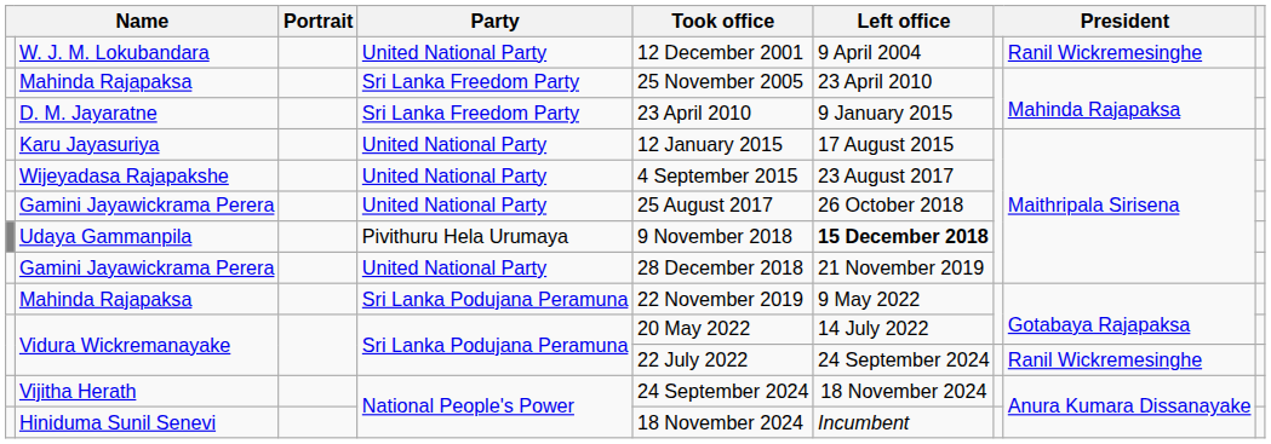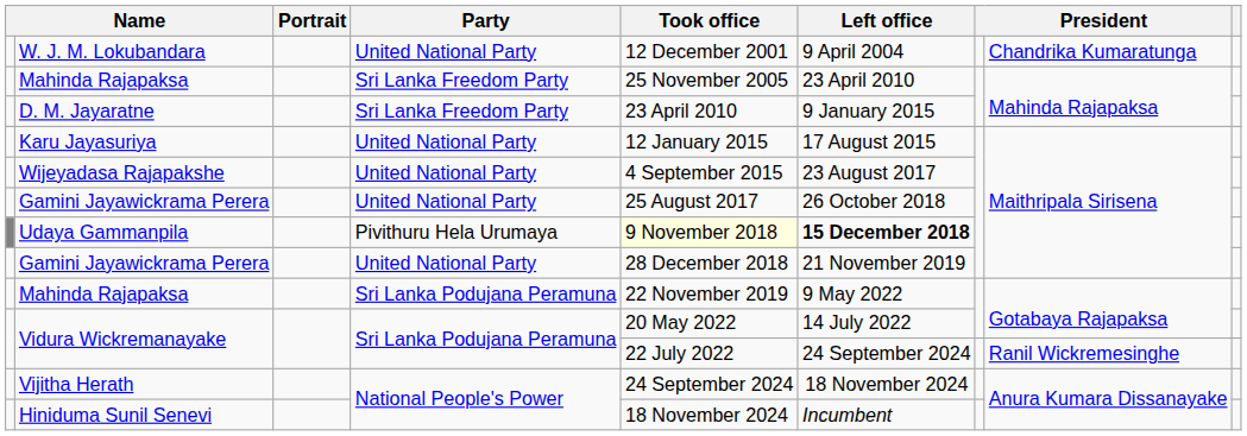 <table class="wikitable sortable" style="font-size:90%; text-align:left;">
 <tr>
 <th colspan="2">Name</th>
 <th>Portrait</th>
 <th>Party</th>
 <th>Took office</th>
 <th>Left office</th>
 <th colspan="2">President</th>
 <th></th>
 </tr>
 <tr>
 <td rowspan="1" style="background:"></td>
 <td><a href='#'>W. J. M. Lokubandara</a></td>
 <td></td>
 <td><a href='#'>United National Party</a></td>
 <td>12 December 2001</td>
 <td>9 April 2004</td>
 <td rowspan="1" style="background:"></td>
-<td><a href='#'>Ranil Wickremesinghe</a></td>
+<td><a href='#'>Chandrika Kumaratunga</a></td>
 <td></td>
 </tr>
 <tr>
 <td style="background:"></td>
 <td><a href='#'>Mahinda Rajapaksa</a></td>
 <td></td>
 <td><a href='#'>Sri Lanka Freedom Party</a></td>
 <td>25 November 2005</td>
 <td>23 April 2010</td>
 <td rowspan="2" style="background:"></td>
 <td rowspan="2" style="background:; color:;" !align="center"><br><a href='#'>Mahinda Rajapaksa</a></td>
 <td></td>
 </tr>
 <tr>
 <td style="background:"></td>
 <td><a href='#'>D. M. Jayaratne</a></td>
 <td></td>
 <td><a href='#'>Sri Lanka Freedom Party</a></td>
 <td>23 April 2010</td>
 <td>9 January 2015</td>
 <td></td>
 </tr>
 <tr>
 <td style="background:"></td>
 <td><a href='#'>Karu Jayasuriya</a></td>
 <td></td>
 <td><a href='#'>United National Party</a></td>
 <td>12 January 2015</td>
 <td>17 August 2015</td>
 <td rowspan="5" style="background:"></td>
 <td rowspan="5" style="background:; color:;" !align="center"><a href='#'>Maithripala Sirisena</a></td>
 <td></td>
 </tr>
 <tr>
 <td style="background:"></td>
 <td><a href='#'>Wijeyadasa Rajapakshe</a></td>
 <td></td>
 <td><a href='#'>United National Party</a></td>
 <td>4 September 2015</td>
 <td>23 August 2017</td>
 <td></td>
 </tr>
 <tr>
 <td style="background:"></td>
 <td><a href='#'>Gamini Jayawickrama Perera</a></td>
 <td></td>
 <td><a href='#'>United National Party</a></td>
 <td>25 August 2017</td>
 <td>26 October 2018</td>
 <td></td>
 </tr>
 <tr>
 <td style="background:gray"></td>
 <td><a href='#'>Udaya Gammanpila</a></td>
 <td></td>
 <td>Pivithuru Hela Urumaya</td>
-<td>9 November 2018</td>
+<td style="background: lightyellow;">9 November 2018</td>
 <td><strong>15 December 2018</strong></td>
 <td></td>
 </tr>
 <tr>
 <td style="background:"></td>
 <td><a href='#'>Gamini Jayawickrama Perera</a></td>
 <td></td>
 <td><a href='#'>United National Party</a></td>
 <td>28 December 2018</td>
 <td>21 November 2019</td>
 <td></td>
 </tr>
 <tr>
 <td style="background:"></td>
 <td><a href='#'>Mahinda Rajapaksa</a></td>
 <td></td>
 <td><a href='#'>Sri Lanka Podujana Peramuna</a></td>
 <td>22 November 2019</td>
 <td>9 May 2022</td>
 <td rowspan="2" style="background:"></td>
 <td rowspan="2" style="background:; color:;" !align="center"><br><a href='#'>Gotabaya Rajapaksa</a></td>
 <td></td>
 </tr>
 <tr>
 <td rowspan="2" style="background:"></td>
 <td rowspan="2"><a href='#'>Vidura Wickremanayake</a></td>
 <td rowspan="2"></td>
 <td rowspan="2"><a href='#'>Sri Lanka Podujana Peramuna</a></td>
 <td>20 May 2022</td>
 <td>14 July 2022</td>
 <td></td>
 </tr>
 <tr>
 <td>22 July 2022</td>
 <td>24 September 2024</td>
 <td style="background:"></td>
 <td><a href='#'>Ranil Wickremesinghe</a></td>
 <td></td>
 </tr>
 <tr>
 <td style="background:"></td>
 <td><a href='#'>Vijitha Herath</a></td>
 <td></td>
 <td rowspan="2"><a href='#'>National People's Power</a></td>
 <td>24 September 2024</td>
 <td align="center">18 November 2024</td>
 <td style="background:"></td>
 <td rowspan="2"><a href='#'>Anura Kumara Dissanayake</a></td>
 <td></td>
 </tr>
 <tr>
 <td style="background:"></td>
 <td><a href='#'>Hiniduma Sunil Senevi</a></td>
 <td></td>
 <td>18 November 2024</td>
 <td><em>Incumbent</em></td>
 <td style="background:"></td>
 <td></td>
 </tr>
 </table>
